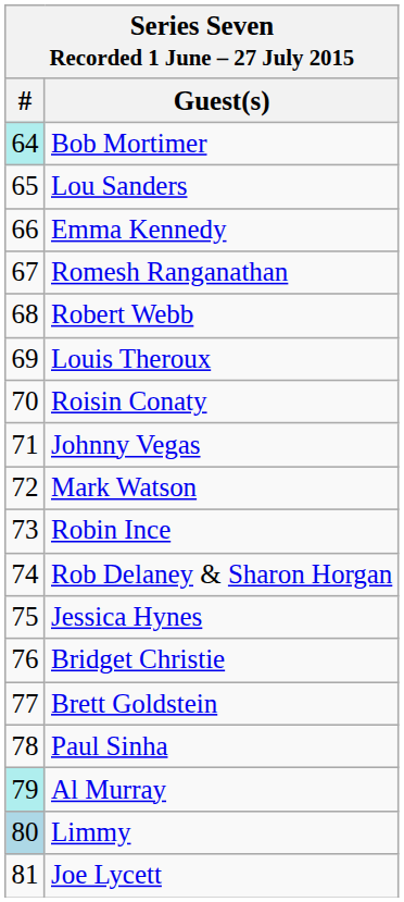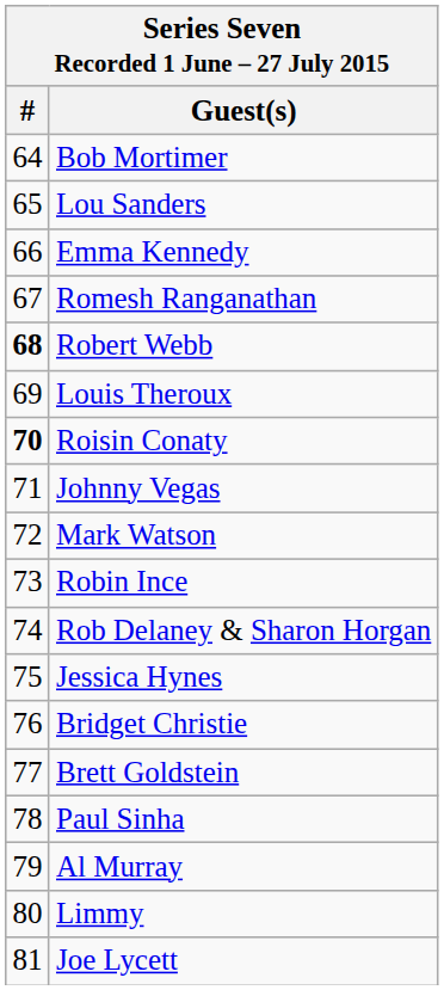 <table class="wikitable">
 <tr>
 <th colspan="3">Series Seven<br><small>Recorded 1 June – 27 July 2015</small></th>
 </tr>
 <tr>
 <th>#</th>
 <th>Guest(s)</th>
 </tr>
 <tr>
-<td style="background: paleturquoise;">64</td>
+<td>64</td>
 <td><a href='#'>Bob Mortimer</a></td>
 </tr>
 <tr>
 <td>65</td>
 <td><a href='#'>Lou Sanders</a></td>
 </tr>
 <tr>
 <td>66</td>
 <td><a href='#'>Emma Kennedy</a></td>
 </tr>
 <tr>
 <td>67</td>
 <td><a href='#'>Romesh Ranganathan</a></td>
 </tr>
 <tr>
-<td>68</td>
+<td><strong>68</strong></td>
 <td><a href='#'>Robert Webb</a></td>
 </tr>
 <tr>
 <td>69</td>
 <td><a href='#'>Louis Theroux</a></td>
 </tr>
 <tr>
-<td>70</td>
+<td><strong>70</strong></td>
 <td><a href='#'>Roisin Conaty</a></td>
 </tr>
 <tr>
 <td>71</td>
 <td><a href='#'>Johnny Vegas</a></td>
 </tr>
 <tr>
 <td>72</td>
 <td><a href='#'>Mark Watson</a></td>
 </tr>
 <tr>
 <td>73</td>
 <td><a href='#'>Robin Ince</a></td>
 </tr>
 <tr>
 <td>74</td>
 <td><a href='#'>Rob Delaney</a> & <a href='#'>Sharon Horgan</a></td>
 </tr>
 <tr>
 <td>75</td>
 <td><a href='#'>Jessica Hynes</a></td>
 </tr>
 <tr>
 <td>76</td>
 <td><a href='#'>Bridget Christie</a></td>
 </tr>
 <tr>
 <td>77</td>
 <td><a href='#'>Brett Goldstein</a></td>
 </tr>
 <tr>
 <td>78</td>
 <td><a href='#'>Paul Sinha</a></td>
 </tr>
 <tr>
-<td style="background: paleturquoise;">79</td>
+<td>79</td>
 <td><a href='#'>Al Murray</a></td>
 </tr>
 <tr>
-<td style="background: lightblue;">80</td>
+<td>80</td>
 <td><a href='#'>Limmy</a></td>
 </tr>
 <tr>
 <td>81</td>
 <td><a href='#'>Joe Lycett</a></td>
 </tr>
 </table>
